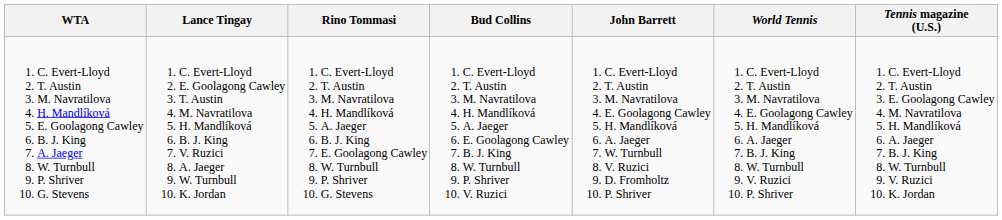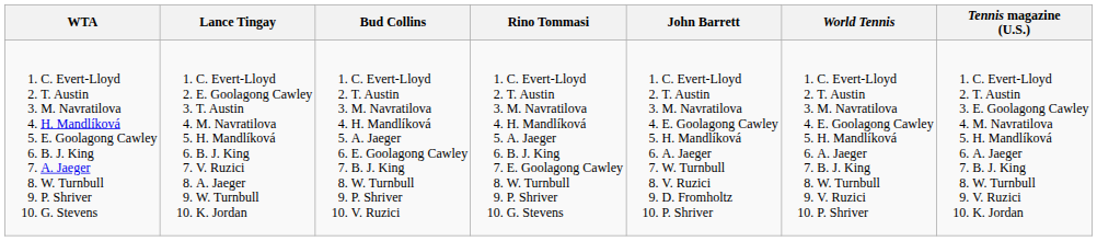 <table class="wikitable">
 <tr>
 <th>WTA</th>
 <th>Lance Tingay</th>
+<th>Bud Collins</th>
 <th>Rino Tommasi</th>
-<th>Bud Collins</th>
 <th>John Barrett</th>
 <th><em>World Tennis</em></th>
 <th><em>Tennis</em> magazine<br>(U.S.)</th>
 </tr>
 <tr style="vertical-align: top;">
 <td style="white-space: nowrap;"><br><ol><li> C. Evert-Lloyd</li><li> T. Austin</li><li> M. Navratilova</li><li> <a href='#'>H. Mandlíková</a></li><li> E. Goolagong Cawley</li><li> B. J. King</li><li> <a href='#'>A. Jaeger</a></li><li> W. Turnbull</li><li> P. Shriver</li><li> G. Stevens</li></ol></td>
 <td style="white-space: nowrap;"><br><ol><li> C. Evert-Lloyd</li><li> E. Goolagong Cawley</li><li> T. Austin</li><li> M. Navratilova</li><li> H. Mandlíková</li><li> B. J. King</li><li> V. Ruzici</li><li> A. Jaeger</li><li> W. Turnbull</li><li> K. Jordan</li></ol></td>
+<td style="white-space: nowrap;"><br><ol><li> C. Evert-Lloyd</li><li> T. Austin</li><li> M. Navratilova</li><li> H. Mandlíková</li><li> A. Jaeger</li><li> E. Goolagong Cawley</li><li> B. J. King</li><li> W. Turnbull</li><li> P. Shriver</li><li> V. Ruzici</li></ol></td>
 <td style="white-space: nowrap;"><br><ol><li> C. Evert-Lloyd</li><li> T. Austin</li><li> M. Navratilova</li><li> H. Mandlíková</li><li> A. Jaeger</li><li> B. J. King</li><li> E. Goolagong Cawley</li><li> W. Turnbull</li><li> P. Shriver</li><li> G. Stevens</li></ol></td>
-<td style="white-space: nowrap;"><br><ol><li> C. Evert-Lloyd</li><li> T. Austin</li><li> M. Navratilova</li><li> H. Mandlíková</li><li> A. Jaeger</li><li> E. Goolagong Cawley</li><li> B. J. King</li><li> W. Turnbull</li><li> P. Shriver</li><li> V. Ruzici</li></ol></td>
 <td style="white-space: nowrap;"><br><ol><li> C. Evert-Lloyd</li><li> T. Austin</li><li> M. Navratilova</li><li> E. Goolagong Cawley</li><li> H. Mandlíková</li><li> A. Jaeger</li><li> W. Turnbull</li><li> V. Ruzici</li><li> D. Fromholtz</li><li> P. Shriver</li></ol></td>
 <td style="white-space: nowrap;"><br><ol><li> C. Evert-Lloyd</li><li> T. Austin</li><li> M. Navratilova</li><li> E. Goolagong Cawley</li><li> H. Mandlíková</li><li> A. Jaeger</li><li> B. J. King</li><li> W. Turnbull</li><li> V. Ruzici</li><li> P. Shriver</li></ol></td>
 <td style="white-space: nowrap;"><br><ol><li> C. Evert-Lloyd</li><li> T. Austin</li><li> E. Goolagong Cawley</li><li> M. Navratilova</li><li> H. Mandlíková</li><li> A. Jaeger</li><li> B. J. King</li><li> W. Turnbull</li><li> V. Ruzici</li><li> K. Jordan</li></ol></td>
 </tr>
 </table>
